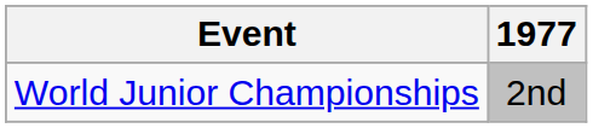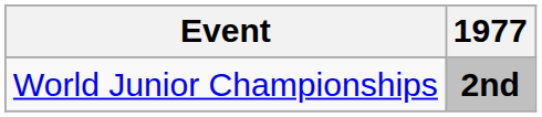 <table class="wikitable" style="text-align:center">
 <tr>
 <th>Event</th>
 <th>1977</th>
 </tr>
 <tr>
 <td align=left><a href='#'>World Junior Championships</a></td>
-<td bgcolor=silver>2nd</td>
+<td bgcolor=silver><strong>2nd</strong></td>
 </tr>
 </table>
